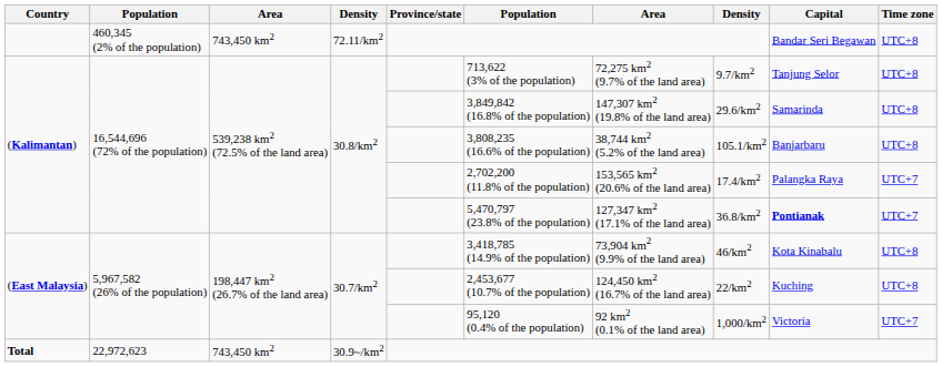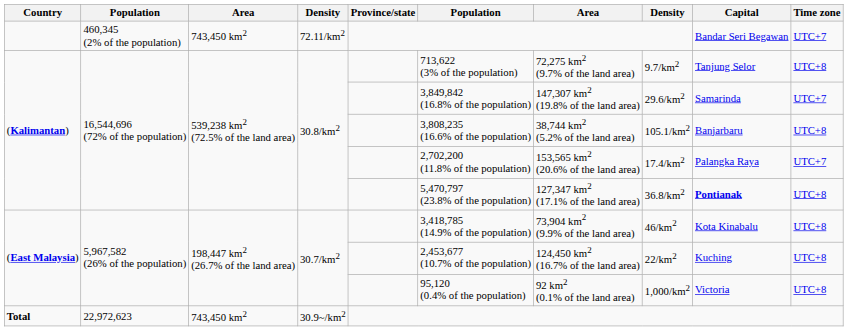 <table class="sortable wikitable">
 <tr>
 <th>Country</th>
 <th>Population</th>
 <th>Area</th>
 <th>Density</th>
 <th>Province/state</th>
 <th>Population</th>
 <th>Area</th>
 <th>Density</th>
 <th>Capital</th>
 <th>Time zone</th>
 </tr>
 <tr>
 <td><strong></strong></td>
 <td>460,345<br>(2% of the population)</td>
 <td>743,450 km<sup>2</sup><br></td>
 <td>72.11/km<sup>2</sup><br></td>
 <td colspan="4"></td>
 <td><a href='#'>Bandar Seri Begawan</a></td>
-<td><a href='#'>UTC+8</a></td>
+<td><a href='#'>UTC+7</a></td>
 </tr>
 <tr>
 <td rowspan="5"><strong></strong> (<strong><a href='#'>Kalimantan</a></strong>)</td>
 <td rowspan="5">16,544,696<br>(72% of the population)</td>
 <td rowspan="5">539,238 km<sup>2</sup><br>(72.5% of the land area)</td>
 <td rowspan="5">30.8/km<sup>2</sup><br></td>
 <td></td>
 <td>713,622<br>(3% of the population)</td>
 <td>72,275 km<sup>2</sup><br>(9.7% of the land area)</td>
 <td>9.7/km<sup>2</sup></td>
 <td><a href='#'>Tanjung Selor</a></td>
 <td><a href='#'>UTC+8</a></td>
 </tr>
 <tr>
 <td></td>
 <td>3,849,842<br>(16.8% of the population)</td>
 <td>147,307 km<sup>2</sup><br>(19.8% of the land area)</td>
 <td>29.6/km<sup>2</sup><br></td>
 <td><a href='#'>Samarinda</a></td>
-<td><a href='#'>UTC+8</a></td>
+<td><a href='#'>UTC+7</a></td>
 </tr>
 <tr>
 <td></td>
 <td>3,808,235<br>(16.6% of the population)</td>
 <td>38,744 km<sup>2</sup><br>(5.2% of the land area)</td>
 <td>105.1/km<sup>2</sup><br></td>
 <td><a href='#'>Banjarbaru</a></td>
 <td><a href='#'>UTC+8</a></td>
 </tr>
 <tr>
 <td></td>
 <td>2,702,200<br>(11.8% of the population)</td>
 <td>153,565 km<sup>2</sup><br>(20.6% of the land area)</td>
 <td>17.4/km<sup>2</sup><br></td>
 <td><a href='#'>Palangka Raya</a></td>
 <td><a href='#'>UTC+7</a></td>
 </tr>
 <tr>
 <td></td>
 <td>5,470,797<br>(23.8% of the population)</td>
 <td>127,347 km<sup>2</sup><br>(17.1% of the land area)</td>
 <td>36.8/km<sup>2</sup><br></td>
 <td><strong><a href='#'>Pontianak</a></strong></td>
-<td><a href='#'>UTC+7</a></td>
+<td><a href='#'>UTC+8</a></td>
 </tr>
 <tr>
 <td rowspan="3"><strong></strong> (<strong><a href='#'>East Malaysia</a></strong>)</td>
 <td rowspan="3">5,967,582<br>(26% of the population)</td>
 <td rowspan="3">198,447 km<sup>2</sup><br>(26.7% of the land area)</td>
 <td rowspan="3">30.7/km<sup>2</sup><br></td>
 <td></td>
 <td>3,418,785<br>(14.9% of the population)</td>
 <td>73,904 km<sup>2</sup><br>(9.9% of the land area)</td>
 <td>46/km<sup>2</sup><br></td>
 <td><a href='#'>Kota Kinabalu</a></td>
 <td><a href='#'>UTC+8</a></td>
 </tr>
 <tr>
 <td></td>
 <td>2,453,677<br>(10.7% of the population)</td>
 <td>124,450 km<sup>2</sup><br>(16.7% of the land area)</td>
 <td>22/km<sup>2</sup><br></td>
 <td><a href='#'>Kuching</a></td>
 <td><a href='#'>UTC+8</a></td>
 </tr>
 <tr>
 <td></td>
 <td>95,120<br>(0.4% of the population)</td>
 <td>92 km<sup>2</sup><br>(0.1% of the land area)</td>
 <td>1,000/km<sup>2</sup><br></td>
 <td><a href='#'>Victoria</a></td>
-<td><a href='#'>UTC+7</a></td>
+<td><a href='#'>UTC+8</a></td>
 </tr>
 <tr>
 <td><strong>Total</strong></td>
 <td>22,972,623</td>
 <td>743,450 km<sup>2</sup><br></td>
 <td>30.9~/km<sup>2</sup><br></td>
 </tr>
 </table>
